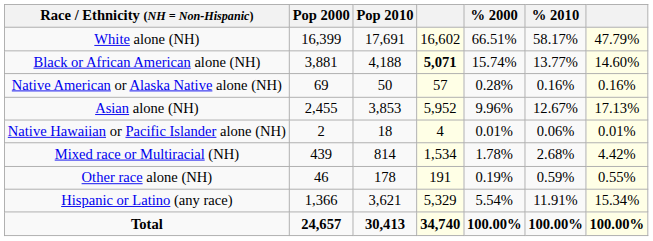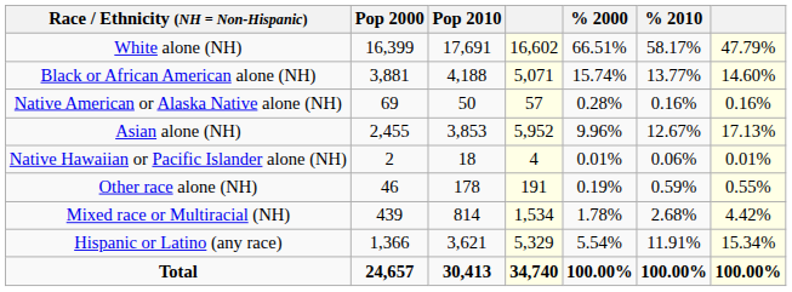 <table class="wikitable" style="text-align:center;">
 <tr>
 <th>Race / Ethnicity <small>(<em>NH = Non-Hispanic</em>)</small></th>
 <th>Pop 2000</th>
 <th>Pop 2010</th>
 <th></th>
 <th>% 2000</th>
 <th>% 2010</th>
 <th></th>
 </tr>
 <tr>
 <td><a href='#'>White</a> alone (NH)</td>
 <td>16,399</td>
 <td>17,691</td>
 <td style='background: #ffffe6;'>16,602</td>
 <td>66.51%</td>
 <td>58.17%</td>
 <td style='background: #ffffe6;'>47.79%</td>
 </tr>
 <tr>
 <td><a href='#'>Black or African American</a> alone (NH)</td>
 <td>3,881</td>
 <td>4,188</td>
-<td style='background: #ffffe6;'><strong>5,071</strong></td>
+<td style='background: #ffffe6;'>5,071</td>
 <td>15.74%</td>
 <td>13.77%</td>
 <td style='background: #ffffe6;'>14.60%</td>
 </tr>
 <tr>
 <td><a href='#'>Native American</a> or <a href='#'>Alaska Native</a> alone (NH)</td>
 <td>69</td>
 <td>50</td>
 <td style='background: #ffffe6;'>57</td>
 <td>0.28%</td>
 <td>0.16%</td>
 <td style='background: #ffffe6;'>0.16%</td>
 </tr>
 <tr>
 <td><a href='#'>Asian</a> alone (NH)</td>
 <td>2,455</td>
 <td>3,853</td>
 <td style='background: #ffffe6;'>5,952</td>
 <td>9.96%</td>
 <td>12.67%</td>
 <td style='background: #ffffe6;'>17.13%</td>
 </tr>
 <tr>
 <td><a href='#'>Native Hawaiian</a> or <a href='#'>Pacific Islander</a> alone (NH)</td>
 <td>2</td>
 <td>18</td>
 <td style='background: #ffffe6;'>4</td>
 <td>0.01%</td>
 <td>0.06%</td>
 <td style='background: #ffffe6;'>0.01%</td>
 </tr>
 <tr>
+<td><a href='#'>Other race</a> alone (NH)</td>
+<td>46</td>
+<td>178</td>
+<td style='background: #ffffe6;'>191</td>
+<td>0.19%</td>
+<td>0.59%</td>
+<td style='background: #ffffe6;'>0.55%</td>
+</tr>
+<tr>
 <td><a href='#'>Mixed race or Multiracial</a> (NH)</td>
 <td>439</td>
 <td>814</td>
 <td style='background: #ffffe6;'>1,534</td>
 <td>1.78%</td>
 <td>2.68%</td>
 <td style='background: #ffffe6;'>4.42%</td>
-</tr>
-<tr>
-<td><a href='#'>Other race</a> alone (NH)</td>
-<td>46</td>
-<td>178</td>
-<td style='background: #ffffe6;'>191</td>
-<td>0.19%</td>
-<td>0.59%</td>
-<td style='background: #ffffe6;'>0.55%</td>
 </tr>
 <tr>
 <td><a href='#'>Hispanic or Latino</a> (any race)</td>
 <td>1,366</td>
 <td>3,621</td>
 <td style='background: #ffffe6;'>5,329</td>
 <td>5.54%</td>
 <td>11.91%</td>
 <td style='background: #ffffe6;'>15.34%</td>
 </tr>
 <tr>
 <td><strong>Total</strong></td>
 <td><strong>24,657</strong></td>
 <td><strong>30,413</strong></td>
 <td style='background: #ffffe6;'><strong>34,740</strong></td>
 <td><strong>100.00%</strong></td>
 <td><strong>100.00%</strong></td>
 <td style='background: #ffffe6;'><strong>100.00%</strong></td>
 </tr>
 </table>
